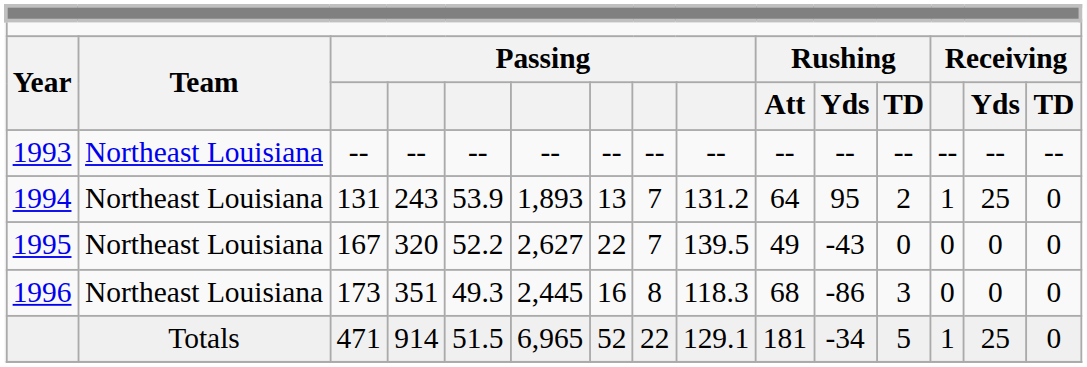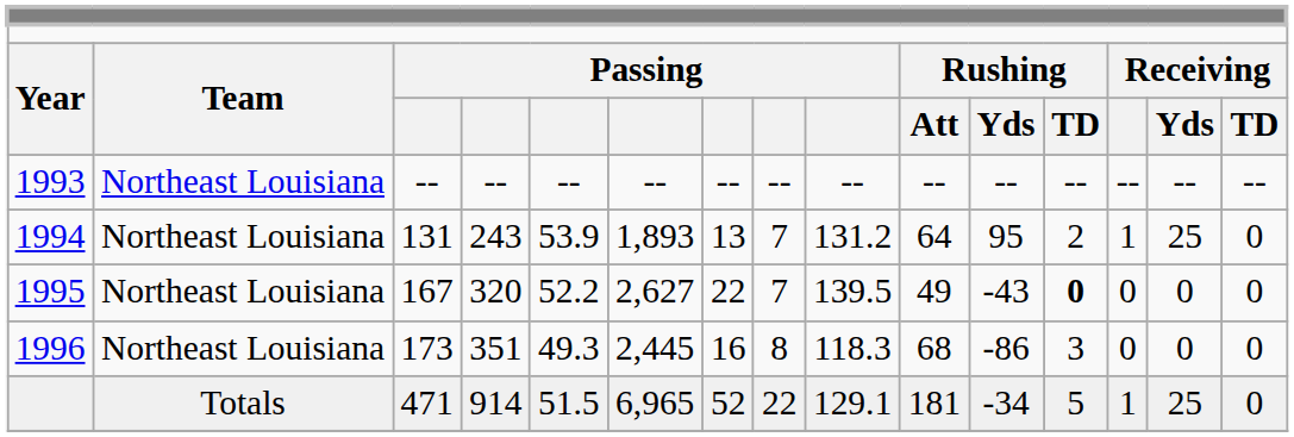 <table class=wikitable style="text-align:center;">
 <tr>
 <td ! colspan="15" style="background:gray; border:2px solid silver; color:white;"></td>
 </tr>
 <tr>
 <td ! colspan="15"></td>
 </tr>
 <tr style="background:#e0e0e0;">
 <th rowspan=2>Year</th>
 <th rowspan=2>Team</th>
 <th colspan=7>Passing</th>
 <th colspan=3>Rushing</th>
 <th colspan=3>Receiving</th>
 </tr>
 <tr>
 <th></th>
 <th></th>
 <th></th>
 <th></th>
 <th></th>
 <th></th>
 <th></th>
 <th>Att</th>
 <th>Yds</th>
 <th>TD</th>
 <th></th>
 <th>Yds</th>
 <th>TD</th>
 </tr>
 <tr>
 <td><a href='#'>1993</a></td>
 <td><a href='#'>Northeast Louisiana</a></td>
 <td>--</td>
 <td>--</td>
 <td>--</td>
 <td>--</td>
 <td>--</td>
 <td>--</td>
 <td>--</td>
 <td>--</td>
 <td>--</td>
 <td>--</td>
 <td>--</td>
 <td>--</td>
 <td>--</td>
 </tr>
 <tr>
 <td><a href='#'>1994</a></td>
 <td>Northeast Louisiana</td>
 <td>131</td>
 <td>243</td>
 <td>53.9</td>
 <td>1,893</td>
 <td>13</td>
 <td>7</td>
 <td>131.2</td>
 <td>64</td>
 <td>95</td>
 <td>2</td>
 <td>1</td>
 <td>25</td>
 <td>0</td>
 </tr>
 <tr>
 <td><a href='#'>1995</a></td>
 <td>Northeast Louisiana</td>
 <td>167</td>
 <td>320</td>
 <td>52.2</td>
 <td>2,627</td>
 <td>22</td>
 <td>7</td>
 <td>139.5</td>
 <td>49</td>
 <td>-43</td>
-<td>0</td>
+<td><strong>0</strong></td>
 <td>0</td>
 <td>0</td>
 <td>0</td>
 </tr>
 <tr>
 <td><a href='#'>1996</a></td>
 <td>Northeast Louisiana</td>
 <td>173</td>
 <td>351</td>
 <td>49.3</td>
 <td>2,445</td>
 <td>16</td>
 <td>8</td>
 <td>118.3</td>
 <td>68</td>
 <td>-86</td>
 <td>3</td>
 <td>0</td>
 <td>0</td>
 <td>0</td>
 </tr>
 <tr style="background:#f0f0f0;">
 <td></td>
 <td>Totals</td>
 <td>471</td>
 <td>914</td>
 <td>51.5</td>
 <td>6,965</td>
 <td>52</td>
 <td>22</td>
 <td>129.1</td>
 <td>181</td>
 <td>-34</td>
 <td>5</td>
 <td>1</td>
 <td>25</td>
 <td>0</td>
 </tr>
 <tr>
 </tr>
 </table>
